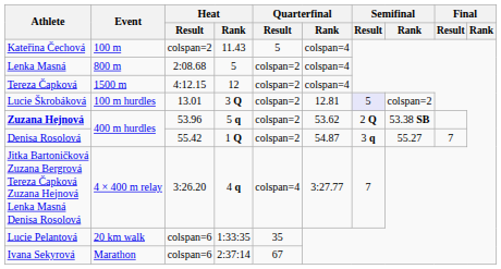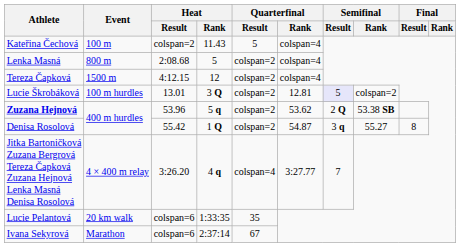 <table class="wikitable" style="font-size:90%">
 <tr>
 <th rowspan="2">Athlete</th>
 <th rowspan="2">Event</th>
 <th colspan="2">Heat</th>
 <th colspan="2">Quarterfinal</th>
 <th colspan="2">Semifinal</th>
 <th colspan="2">Final</th>
 </tr>
 <tr style="font-size:95%">
 <th>Result</th>
 <th>Rank</th>
 <th>Result</th>
 <th>Rank</th>
 <th>Result</th>
 <th>Rank</th>
 <th>Result</th>
 <th>Rank</th>
 </tr>
 <tr align=center>
 <td align=left><a href='#'>Kateřina Čechová</a></td>
 <td align=left><a href='#'>100 m</a></td>
 <td>colspan=2 </td>
 <td>11.43</td>
 <td>5</td>
 <td>colspan=4 </td>
 </tr>
 <tr align=center>
 <td align=left><a href='#'>Lenka Masná</a></td>
 <td align=left><a href='#'>800 m</a></td>
 <td>2:08.68</td>
 <td>5</td>
 <td>colspan=2 </td>
 <td>colspan=4 </td>
 </tr>
 <tr align=center>
 <td align=left><a href='#'>Tereza Čapková</a></td>
 <td align=left><a href='#'>1500 m</a></td>
 <td>4:12.15</td>
 <td>12</td>
 <td>colspan=2 </td>
 <td>colspan=4 </td>
 </tr>
 <tr align=center>
 <td align=left><a href='#'>Lucie Škrobáková</a></td>
 <td align=left><a href='#'>100 m hurdles</a></td>
 <td>13.01</td>
 <td>3 <strong>Q</strong></td>
 <td>colspan=2 </td>
 <td>12.81</td>
 <td style="background: lavender;">5</td>
 <td>colspan=2 </td>
 </tr>
 <tr align=center>
 <td align=left><strong><a href='#'>Zuzana Hejnová</a></strong></td>
 <td rowspan=2 align=left><a href='#'>400 m hurdles</a></td>
 <td>53.96</td>
 <td>5 <strong>q</strong></td>
 <td>colspan=2 </td>
 <td>53.62</td>
 <td>2 <strong>Q</strong></td>
 <td>53.38 <strong>SB</strong></td>
 <td></td>
 </tr>
 <tr align=center>
 <td align=left><a href='#'>Denisa Rosolová</a></td>
 <td>55.42</td>
 <td>1 <strong>Q</strong></td>
 <td>colspan=2 </td>
 <td>54.87</td>
 <td>3 <strong>q</strong></td>
 <td>55.27</td>
-<td>7</td>
+<td>8</td>
 </tr>
 <tr align=center>
 <td align=left><a href='#'>Jitka Bartoničková</a><br><a href='#'>Zuzana Bergrová</a><br><a href='#'>Tereza Čapková</a><br><a href='#'>Zuzana Hejnová</a><br><a href='#'>Lenka Masná</a><br><a href='#'>Denisa Rosolová</a></td>
 <td align=left><a href='#'>4 × 400 m relay</a></td>
 <td>3:26.20</td>
 <td>4 <strong>q</strong></td>
 <td>colspan=4 </td>
 <td>3:27.77</td>
 <td>7</td>
 </tr>
 <tr align=center>
 <td align=left><a href='#'>Lucie Pelantová</a></td>
 <td align=left><a href='#'>20 km walk</a></td>
 <td>colspan=6 </td>
 <td>1:33:35</td>
 <td>35</td>
 </tr>
 <tr align=center>
 <td align=left><a href='#'>Ivana Sekyrová</a></td>
 <td align=left><a href='#'>Marathon</a></td>
 <td>colspan=6 </td>
 <td>2:37:14</td>
 <td>67</td>
 </tr>
 </table>
